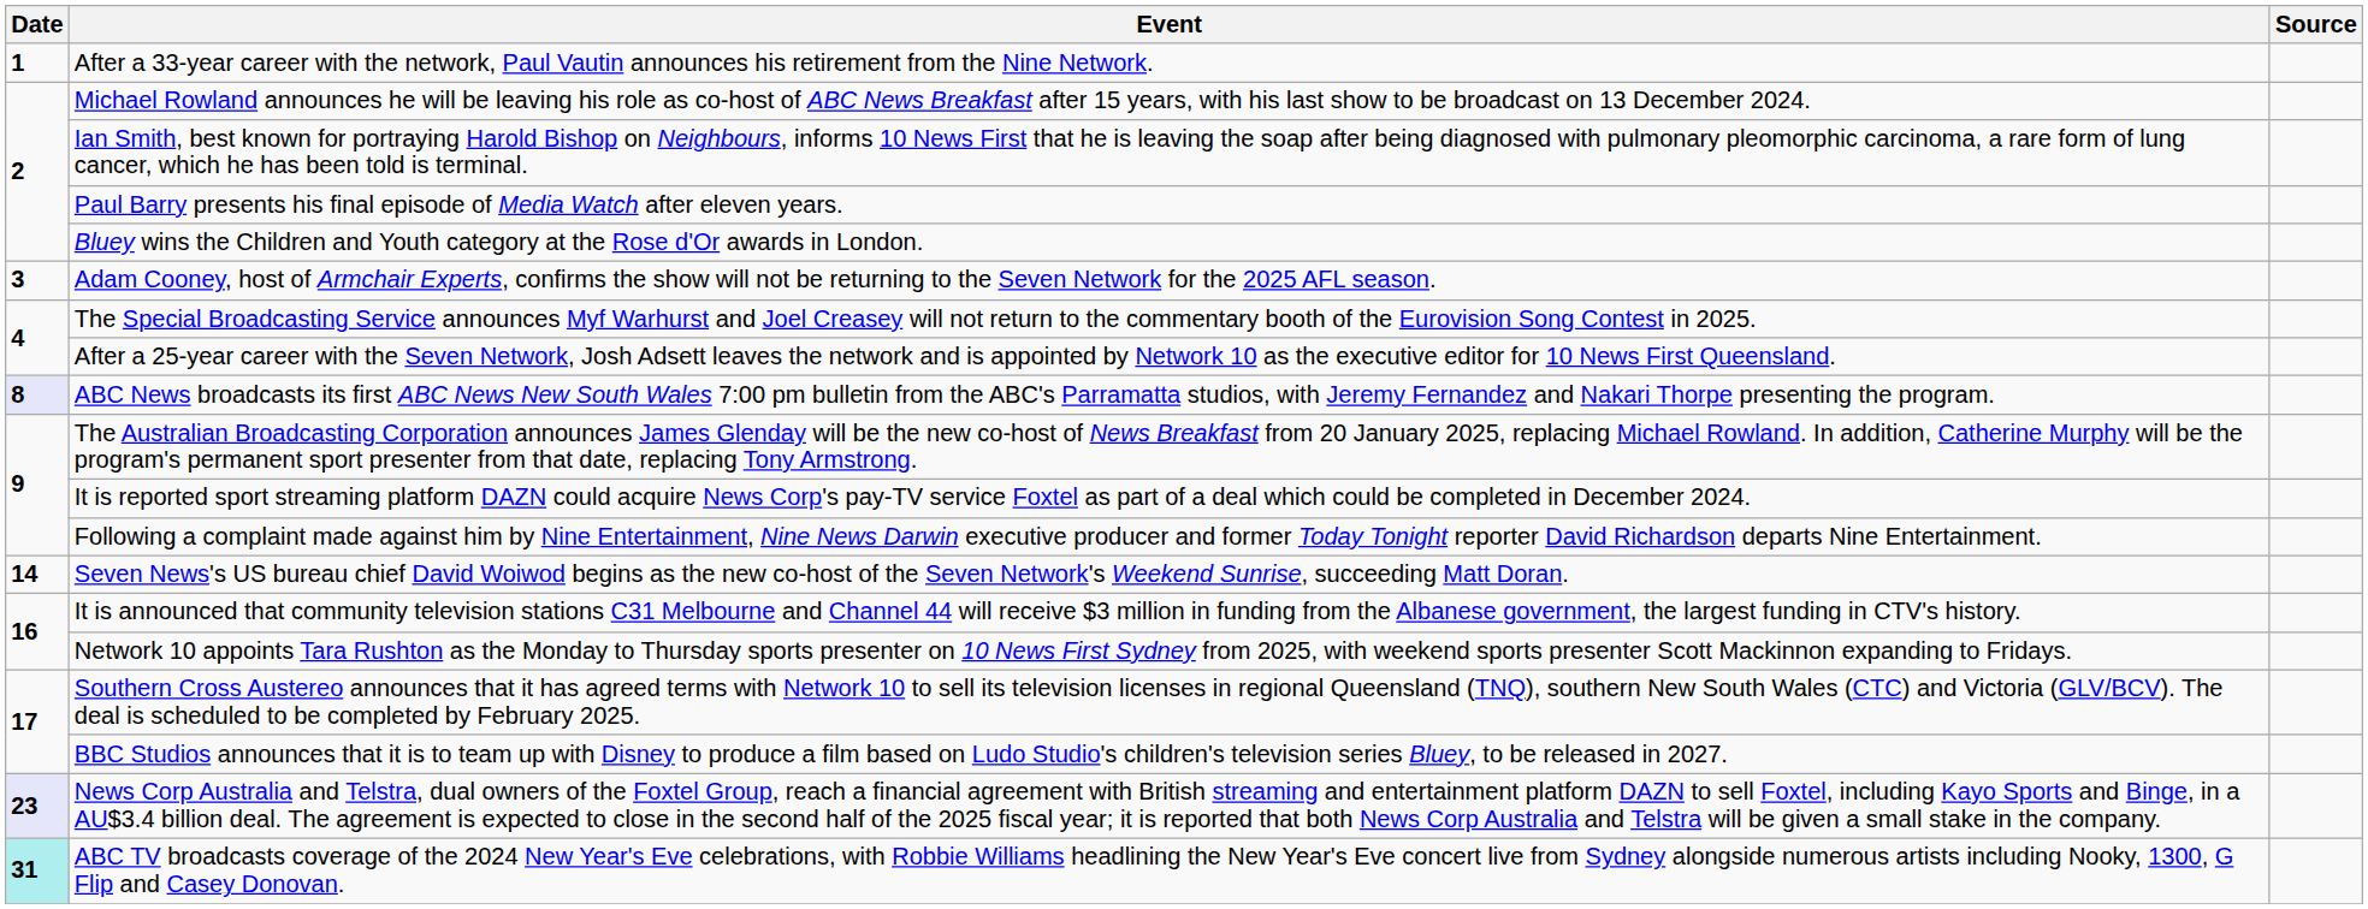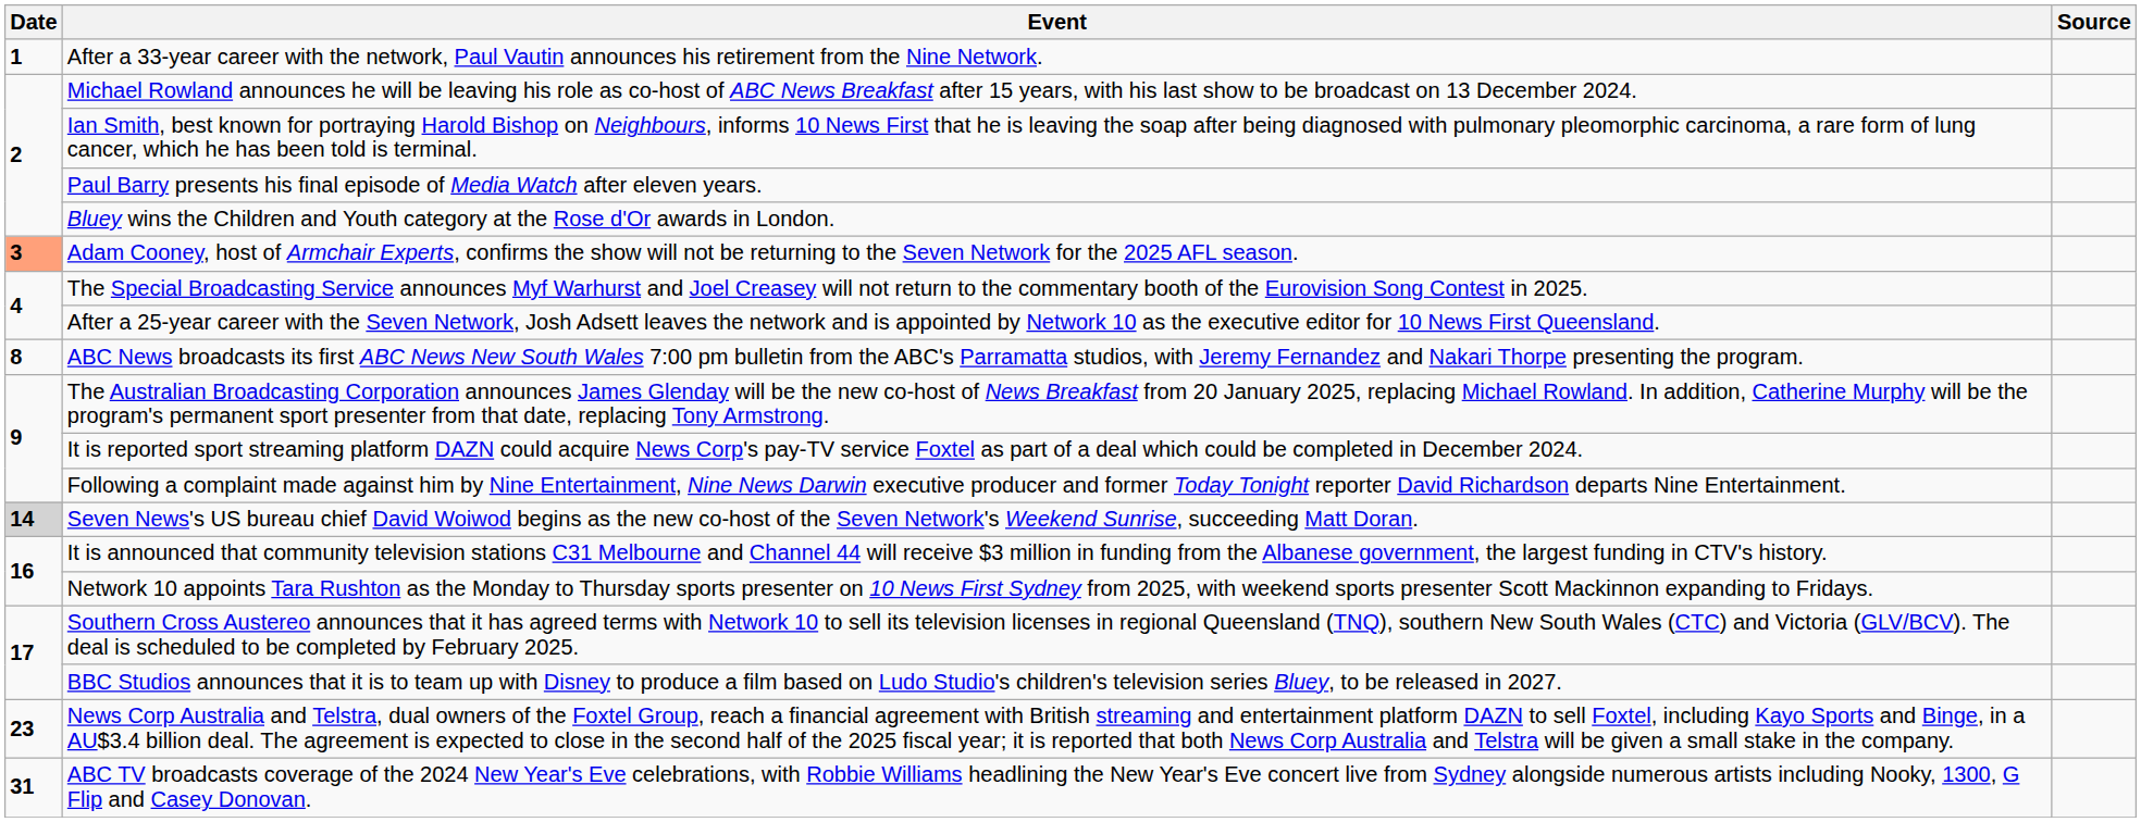 <table class="wikitable">
 <tr>
 <th>Date</th>
 <th>Event</th>
 <th>Source</th>
 </tr>
 <tr>
 <td><strong>1</strong></td>
 <td>After a 33-year career with the network, <a href='#'>Paul Vautin</a> announces his retirement from the <a href='#'>Nine Network</a>.</td>
 <td></td>
 </tr>
 <tr>
 <td rowspan=4><strong>2</strong></td>
 <td><a href='#'>Michael Rowland</a> announces he will be leaving his role as co-host of <em><a href='#'>ABC News Breakfast</a></em> after 15 years, with his last show to be broadcast on 13 December 2024.</td>
 <td></td>
 </tr>
 <tr>
 <td><a href='#'>Ian Smith</a>, best known for portraying <a href='#'>Harold Bishop</a> on <em><a href='#'>Neighbours</a></em>, informs <a href='#'>10 News First</a> that he is leaving the soap after being diagnosed with pulmonary pleomorphic carcinoma, a rare form of lung cancer, which he has been told is terminal.</td>
 <td></td>
 </tr>
 <tr>
 <td><a href='#'>Paul Barry</a> presents his final episode of <em><a href='#'>Media Watch</a></em> after eleven years.</td>
 <td></td>
 </tr>
 <tr>
 <td><em><a href='#'>Bluey</a></em> wins the Children and Youth category at the <a href='#'>Rose d'Or</a> awards in London.</td>
 <td></td>
 </tr>
 <tr>
-<td><strong>3</strong></td>
+<td style="background: lightsalmon;"><strong>3</strong></td>
 <td><a href='#'>Adam Cooney</a>, host of <em><a href='#'>Armchair Experts</a></em>, confirms the show will not be returning to the <a href='#'>Seven Network</a> for the <a href='#'>2025 AFL season</a>.</td>
 <td></td>
 </tr>
 <tr>
 <td rowspan=2><strong>4</strong></td>
 <td>The <a href='#'>Special Broadcasting Service</a> announces <a href='#'>Myf Warhurst</a> and <a href='#'>Joel Creasey</a> will not return to the commentary booth of the <a href='#'>Eurovision Song Contest</a> in 2025.</td>
 <td></td>
 </tr>
 <tr>
 <td>After a 25-year career with the <a href='#'>Seven Network</a>, Josh Adsett leaves the network and is appointed by <a href='#'>Network 10</a> as the executive editor for <a href='#'>10 News First Queensland</a>.</td>
 <td></td>
 </tr>
 <tr>
-<td style="background: lavender;"><strong>8</strong></td>
+<td><strong>8</strong></td>
 <td><a href='#'>ABC News</a> broadcasts its first <em><a href='#'>ABC News New South Wales</a></em> 7:00 pm bulletin from the ABC's <a href='#'>Parramatta</a> studios, with <a href='#'>Jeremy Fernandez</a> and <a href='#'>Nakari Thorpe</a> presenting the program.</td>
 <td></td>
 </tr>
 <tr>
 <td rowspan=3><strong>9</strong></td>
 <td>The <a href='#'>Australian Broadcasting Corporation</a> announces <a href='#'>James Glenday</a> will be the new co-host of <em><a href='#'>News Breakfast</a></em> from 20 January 2025, replacing <a href='#'>Michael Rowland</a>. In addition, <a href='#'>Catherine Murphy</a> will be the program's permanent sport presenter from that date, replacing <a href='#'>Tony Armstrong</a>.</td>
 <td></td>
 </tr>
 <tr>
 <td>It is reported sport streaming platform <a href='#'>DAZN</a> could acquire <a href='#'>News Corp</a>'s pay-TV service <a href='#'>Foxtel</a> as part of a deal which could be completed in December 2024.</td>
 <td></td>
 </tr>
 <tr>
 <td>Following a complaint made against him by <a href='#'>Nine Entertainment</a>, <em><a href='#'>Nine News Darwin</a></em> executive producer and former <em><a href='#'>Today Tonight</a></em> reporter <a href='#'>David Richardson</a> departs Nine Entertainment.</td>
 <td></td>
 </tr>
 <tr>
-<td><strong>14</strong></td>
+<td style="background: lightgrey;"><strong>14</strong></td>
 <td><a href='#'>Seven News</a>'s US bureau chief <a href='#'>David Woiwod</a> begins as the new co-host of the <a href='#'>Seven Network</a>'s <em><a href='#'>Weekend Sunrise</a></em>, succeeding <a href='#'>Matt Doran</a>.</td>
 <td></td>
 </tr>
 <tr>
 <td rowspan=2><strong>16</strong></td>
 <td>It is announced that community television stations <a href='#'>C31 Melbourne</a> and <a href='#'>Channel 44</a> will receive $3 million in funding from the <a href='#'>Albanese government</a>, the largest funding in CTV's history.</td>
 <td></td>
 </tr>
 <tr>
 <td>Network 10 appoints <a href='#'>Tara Rushton</a> as the Monday to Thursday sports presenter on <em><a href='#'>10 News First Sydney</a></em> from 2025, with weekend sports presenter Scott Mackinnon expanding to Fridays.</td>
 <td></td>
 </tr>
 <tr>
 <td rowspan=2><strong>17</strong></td>
 <td><a href='#'>Southern Cross Austereo</a> announces that it has agreed terms with <a href='#'>Network 10</a> to sell its television licenses in regional Queensland (<a href='#'>TNQ</a>), southern New South Wales (<a href='#'>CTC</a>) and Victoria (<a href='#'>GLV/BCV</a>). The deal is scheduled to be completed by February 2025.</td>
 <td></td>
 </tr>
 <tr>
 <td><a href='#'>BBC Studios</a> announces that it is to team up with <a href='#'>Disney</a> to produce a film based on <a href='#'>Ludo Studio</a>'s children's television series <em><a href='#'>Bluey</a></em>, to be released in 2027.</td>
 <td></td>
 </tr>
 <tr>
-<td style="background: lavender;"><strong>23</strong></td>
+<td><strong>23</strong></td>
 <td><a href='#'>News Corp Australia</a> and <a href='#'>Telstra</a>, dual owners of the <a href='#'>Foxtel Group</a>, reach a financial agreement with British <a href='#'>streaming</a> and entertainment platform <a href='#'>DAZN</a> to sell <a href='#'>Foxtel</a>, including <a href='#'>Kayo Sports</a> and <a href='#'>Binge</a>, in a <a href='#'>AU</a>$3.4 billion deal. The agreement is expected to close in the second half of the 2025 fiscal year; it is reported that both <a href='#'>News Corp Australia</a> and <a href='#'>Telstra</a> will be given a small stake in the company.</td>
 <td></td>
 </tr>
 <tr>
-<td style="background: paleturquoise;"><strong>31</strong></td>
+<td><strong>31</strong></td>
 <td><a href='#'>ABC TV</a> broadcasts coverage of the 2024 <a href='#'>New Year's Eve</a> celebrations, with <a href='#'>Robbie Williams</a> headlining the New Year's Eve concert live from <a href='#'>Sydney</a> alongside numerous artists including Nooky, <a href='#'>1300</a>, <a href='#'>G Flip</a> and <a href='#'>Casey Donovan</a>.</td>
 <td></td>
 </tr>
 <tr>
 </tr>
 </table>
